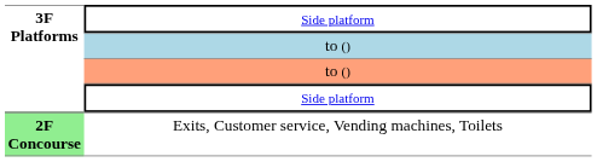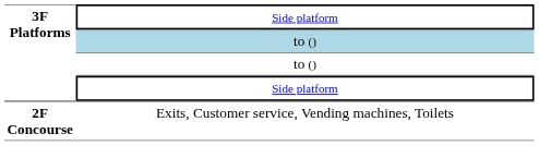 <table table border=0 cellspacing=0 cellpadding=3>
 <tr>
 <td style="border-bottom:solid 1px gray;border-top:solid 1px gray;text-align:center" rowspan="4" valign=top width=50><strong>3F<br>Platforms</strong></td>
 <td style="border-right:solid 2px black;border-left:solid 2px black;border-top:solid 2px black;border-bottom:solid 2px black;text-align:center;"><small><a href='#'>Side platform</a></small></td>
 </tr>
 <tr>
 <td style="background: lightblue; border-bottom:solid 1px gray;border-top:solid 1px gray;text-align:center;">  to  <small>()</small></td>
 </tr>
 <tr>
-<td style="background: lightsalmon; border-bottom:solid 1px gray;text-align:center;"> to  <small>() </small></td>
+<td style="border-bottom:solid 1px gray;text-align:center;"> to  <small>() </small></td>
 </tr>
 <tr>
 <td style="border-right:solid 2px black;border-left:solid 2px black;border-top:solid 2px black;border-bottom:solid 2px black;text-align:center;"><small><a href='#'>Side platform</a></small></td>
 </tr>
 <tr>
-<td style="background: lightgreen; border-bottom:solid 1px gray; border-top:solid 1px gray;text-align:center" valign=top><strong>2F<br>Concourse</strong></td>
+<td style="border-bottom:solid 1px gray; border-top:solid 1px gray;text-align:center" valign=top><strong>2F<br>Concourse</strong></td>
 <td style="border-bottom:solid 1px gray; border-top:solid 1px gray;text-align:center" valign=top width=500>Exits, Customer service, Vending machines, Toilets</td>
 </tr>
 </table>
